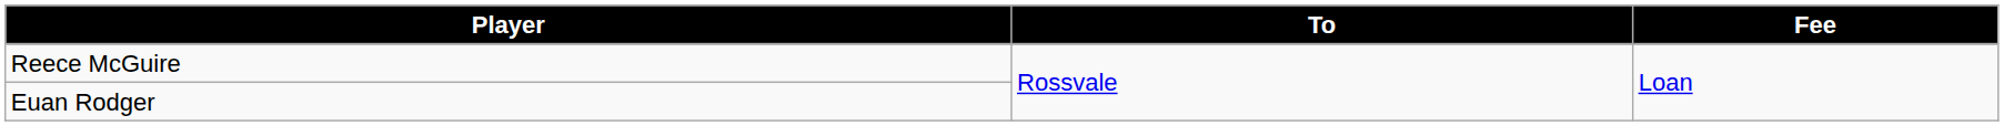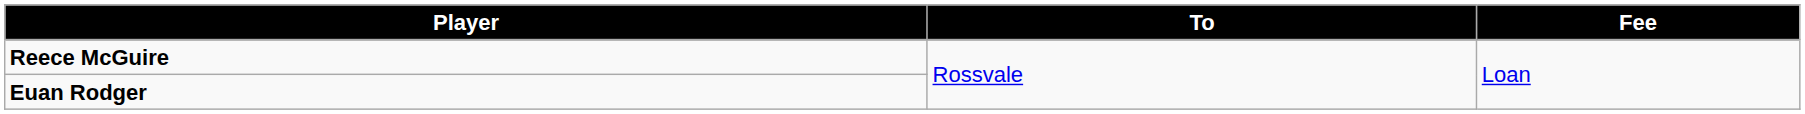 <table class="wikitable" style="text-align:left; font-size:95%;width:98%;">
 <tr>
 <th style="background:black; color:white;">Player</th>
 <th style="background:black; color:white;">To</th>
 <th style="background:black; color:white;">Fee</th>
 </tr>
 <tr>
-<td> Reece McGuire</td>
+<td><strong> Reece McGuire</strong></td>
 <td rowspan=2> <a href='#'>Rossvale</a></td>
 <td rowspan=2><a href='#'>Loan</a></td>
 </tr>
 <tr>
-<td> Euan Rodger</td>
+<td><strong> Euan Rodger</strong></td>
 </tr>
 </table>
